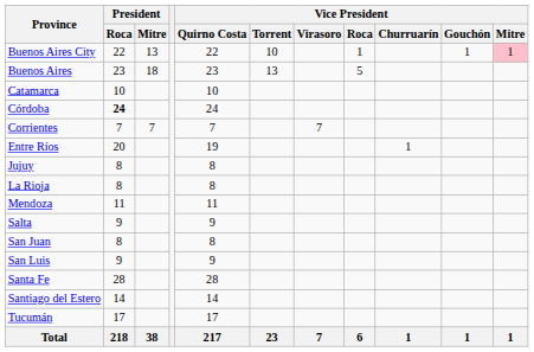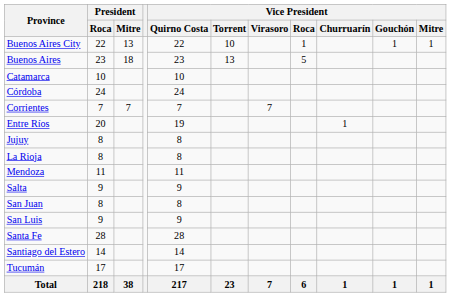 <table class="wikitable" style="text-align:center;">
 <tr>
 <th rowspan=2>Province</th>
 <th colspan=2>President</th>
 <th rowspan=2></th>
 <th colspan=7>Vice President</th>
 </tr>
 <tr>
 <th>Roca</th>
 <th>Mitre</th>
 <th>Quirno Costa</th>
 <th>Torrent</th>
 <th>Virasoro</th>
 <th>Roca</th>
 <th>Churruarín</th>
 <th>Gouchón</th>
 <th>Mitre</th>
 </tr>
 <tr>
 <td align="left"><a href='#'>Buenos Aires City</a></td>
 <td>22</td>
 <td>13</td>
 <td rowspan=15></td>
 <td>22</td>
 <td>10</td>
 <td></td>
 <td>1</td>
 <td></td>
 <td>1</td>
-<td style="background: pink;">1</td>
+<td>1</td>
 </tr>
 <tr>
 <td align="left"><a href='#'>Buenos Aires</a></td>
 <td>23</td>
 <td>18</td>
 <td>23</td>
 <td>13</td>
 <td></td>
 <td>5</td>
 <td></td>
 <td></td>
 <td></td>
 </tr>
 <tr>
 <td align="left"><a href='#'>Catamarca</a></td>
 <td>10</td>
 <td></td>
 <td>10</td>
 <td></td>
 <td></td>
 <td></td>
 <td></td>
 <td></td>
 <td></td>
 </tr>
 <tr>
 <td align="left"><a href='#'>Córdoba</a></td>
-<td><strong>24</strong></td>
+<td>24</td>
 <td></td>
 <td>24</td>
 <td></td>
 <td></td>
 <td></td>
 <td></td>
 <td></td>
 <td></td>
 </tr>
 <tr>
 <td align="left"><a href='#'>Corrientes</a></td>
 <td>7</td>
 <td>7</td>
 <td>7</td>
 <td></td>
 <td>7</td>
 <td></td>
 <td></td>
 <td></td>
 <td></td>
 </tr>
 <tr>
 <td align="left"><a href='#'>Entre Ríos</a></td>
 <td>20</td>
 <td></td>
 <td>19</td>
 <td></td>
 <td></td>
 <td></td>
 <td>1</td>
 <td></td>
 <td></td>
 </tr>
 <tr>
 <td align="left"><a href='#'>Jujuy</a></td>
 <td>8</td>
 <td></td>
 <td>8</td>
 <td></td>
 <td></td>
 <td></td>
 <td></td>
 <td></td>
 <td></td>
 </tr>
 <tr>
 <td align="left"><a href='#'>La Rioja</a></td>
 <td>8</td>
 <td></td>
 <td>8</td>
 <td></td>
 <td></td>
 <td></td>
 <td></td>
 <td></td>
 <td></td>
 </tr>
 <tr>
 <td align="left"><a href='#'>Mendoza</a></td>
 <td>11</td>
 <td></td>
 <td>11</td>
 <td></td>
 <td></td>
 <td></td>
 <td></td>
 <td></td>
 <td></td>
 </tr>
 <tr>
 <td align="left"><a href='#'>Salta</a></td>
 <td>9</td>
 <td></td>
 <td>9</td>
 <td></td>
 <td></td>
 <td></td>
 <td></td>
 <td></td>
 <td></td>
 </tr>
 <tr>
 <td align="left"><a href='#'>San Juan</a></td>
 <td>8</td>
 <td></td>
 <td>8</td>
 <td></td>
 <td></td>
 <td></td>
 <td></td>
 <td></td>
 <td></td>
 </tr>
 <tr>
 <td align="left"><a href='#'>San Luis</a></td>
 <td>9</td>
 <td></td>
 <td>9</td>
 <td></td>
 <td></td>
 <td></td>
 <td></td>
 <td></td>
 <td></td>
 </tr>
 <tr>
 <td align="left"><a href='#'>Santa Fe</a></td>
 <td>28</td>
 <td></td>
 <td>28</td>
 <td></td>
 <td></td>
 <td></td>
 <td></td>
 <td></td>
 <td></td>
 </tr>
 <tr>
 <td align="left"><a href='#'>Santiago del Estero</a></td>
 <td>14</td>
 <td></td>
 <td>14</td>
 <td></td>
 <td></td>
 <td></td>
 <td></td>
 <td></td>
 <td></td>
 </tr>
 <tr>
 <td align="left"><a href='#'>Tucumán</a></td>
 <td>17</td>
 <td></td>
 <td>17</td>
 <td></td>
 <td></td>
 <td></td>
 <td></td>
 <td></td>
 <td></td>
 </tr>
 <tr>
 <th>Total</th>
 <th>218</th>
 <th>38</th>
 <th></th>
 <th>217</th>
 <th>23</th>
 <th>7</th>
 <th>6</th>
 <th>1</th>
 <th>1</th>
 <th>1</th>
 </tr>
 </table>
